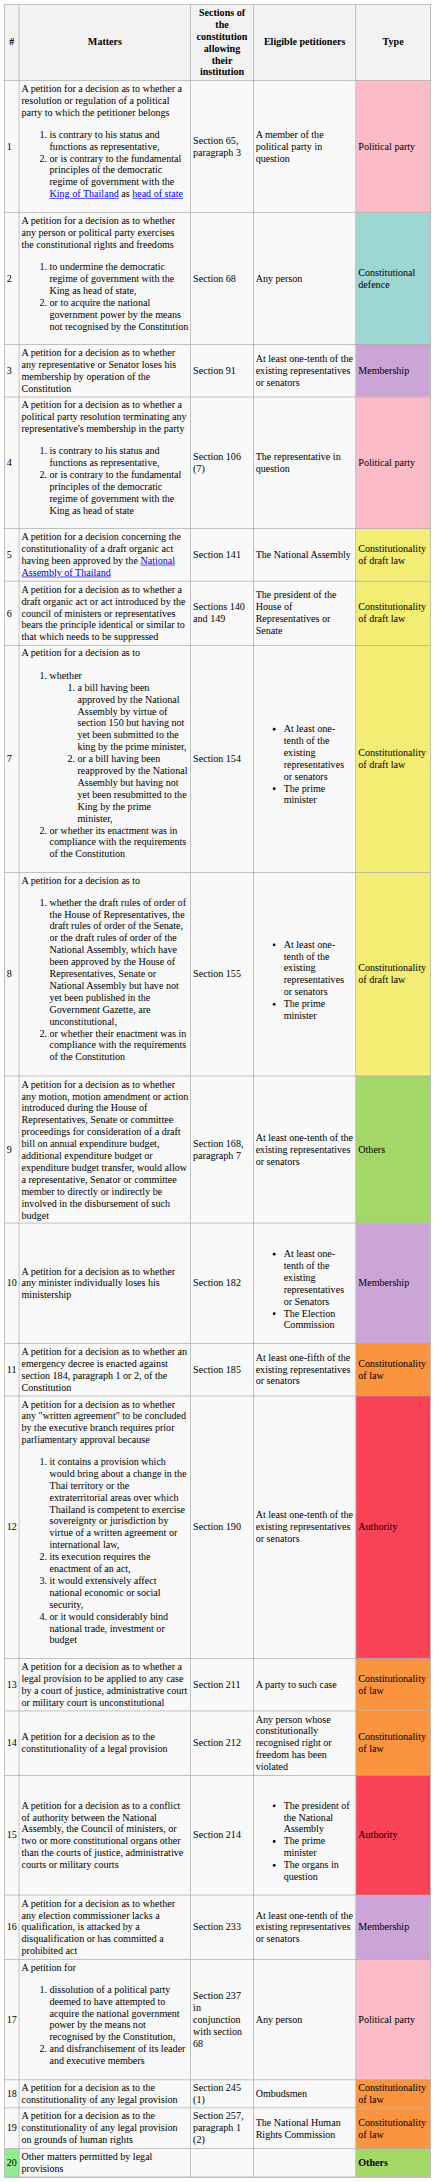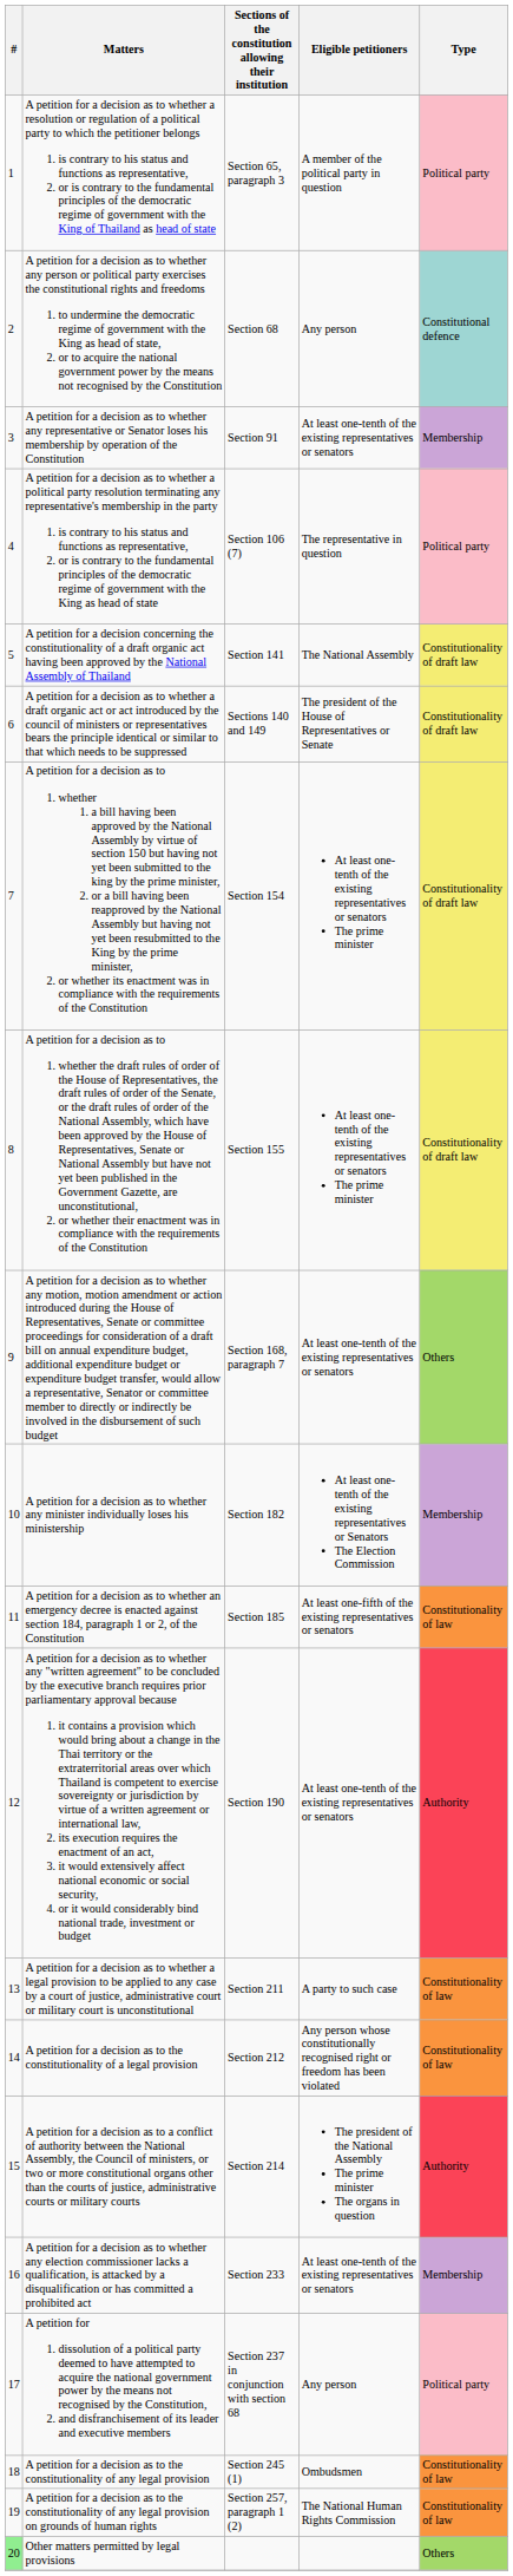 <table class="wikitable sortable" style="text-align:left; font-size:90%">
 <tr>
 <th>#</th>
 <th>Matters</th>
 <th>Sections of the constitution allowing their institution</th>
 <th>Eligible petitioners</th>
 <th>Type</th>
 </tr>
 <tr>
 <td>1</td>
 <td>A petition for a decision as to whether a resolution or regulation of a political party to which the petitioner belongs<br><ol><li>is contrary to his status and functions as representative,</li><li>or is contrary to the fundamental principles of the democratic regime of government with the <a href='#'>King of Thailand</a> as <a href='#'>head of state</a></li></ol></td>
 <td>Section 65, paragraph 3</td>
 <td>A member of the political party in question</td>
 <td style="background-color:#fbbcc8">Political party</td>
 </tr>
 <tr>
 <td>2</td>
 <td>A petition for a decision as to whether any person or political party exercises the constitutional rights and freedoms<br><ol><li>to undermine the democratic regime of government with the King as head of state,</li><li>or to acquire the national government power by the means not recognised by the Constitution</li></ol></td>
 <td>Section 68</td>
 <td>Any person</td>
 <td style="background-color:#9ed6d3">Constitutional defence</td>
 </tr>
 <tr>
 <td>3</td>
 <td>A petition for a decision as to whether any representative or Senator loses his membership by operation of the Constitution</td>
 <td>Section 91</td>
 <td>At least one-tenth of the existing representatives or senators</td>
 <td style="background-color:#cba5d7">Membership</td>
 </tr>
 <tr>
 <td>4</td>
 <td>A petition for a decision as to whether a political party resolution terminating any representative's membership in the party<br><ol><li>is contrary to his status and functions as representative,</li><li>or is contrary to the fundamental principles of the democratic regime of government with the King as head of state</li></ol></td>
 <td>Section 106 (7)</td>
 <td>The representative in question</td>
 <td style="background-color:#fbbcc8">Political party</td>
 </tr>
 <tr>
 <td>5</td>
 <td>A petition for a decision concerning the constitutionality of a draft organic act having been approved by the <a href='#'>National Assembly of Thailand</a></td>
 <td>Section 141</td>
 <td>The National Assembly</td>
 <td style="background-color:#f4ed73">Constitutionality of draft law</td>
 </tr>
 <tr>
 <td>6</td>
 <td>A petition for a decision as to whether a draft organic act or act introduced by the council of ministers or representatives bears the principle identical or similar to that which needs to be suppressed</td>
 <td>Sections 140 and 149</td>
 <td>The president of the House of Representatives or Senate</td>
 <td style="background-color:#f4ed73">Constitutionality of draft law</td>
 </tr>
 <tr>
 <td>7</td>
 <td>A petition for a decision as to<br><ol><li>whether<ol><li>a bill having been approved by the National Assembly by virtue of section 150 but having not yet been submitted to the king by the prime minister,</li><li>or a bill having been reapproved by the National Assembly but having not yet been resubmitted to the King by the prime minister,</li></ol></li><li>or whether its enactment was in compliance with the requirements of the Constitution</li></ol></td>
 <td>Section 154</td>
 <td><br><ul><li>At least one-tenth of the existing representatives or senators</li><li>The prime minister</li></ul></td>
 <td style="background-color:#f4ed73">Constitutionality of draft law</td>
 </tr>
 <tr>
 <td>8</td>
 <td>A petition for a decision as to<br><ol><li>whether the draft rules of order of the House of Representatives, the draft rules of order of the Senate, or the draft rules of order of the National Assembly, which have been approved by the House of Representatives, Senate or National Assembly but have not yet been published in the Government Gazette, are unconstitutional,</li><li>or whether their enactment was in compliance with the requirements of the Constitution</li></ol></td>
 <td>Section 155</td>
 <td><br><ul><li>At least one-tenth of the existing representatives or senators</li><li>The prime minister</li></ul></td>
 <td style="background-color:#f4ed73">Constitutionality of draft law</td>
 </tr>
 <tr>
 <td>9</td>
 <td>A petition for a decision as to whether any motion, motion amendment or action introduced during the House of Representatives, Senate or committee proceedings for consideration of a draft bill on annual expenditure budget, additional expenditure budget or expenditure budget transfer, would allow a representative, Senator or committee member to directly or indirectly be involved in the disbursement of such budget</td>
 <td>Section 168, paragraph 7</td>
 <td>At least one-tenth of the existing representatives or senators</td>
 <td style="background-color:#a3d869">Others</td>
 </tr>
 <tr>
 <td>10</td>
 <td>A petition for a decision as to whether any minister individually loses his ministership</td>
 <td>Section 182</td>
 <td><br><ul><li>At least one-tenth of the existing representatives or Senators</li><li>The Election Commission</li></ul></td>
 <td style="background-color:#cba5d7">Membership</td>
 </tr>
 <tr>
 <td>11</td>
 <td>A petition for a decision as to whether an emergency decree is enacted against section 184, paragraph 1 or 2, of the Constitution</td>
 <td>Section 185</td>
 <td>At least one-fifth of the existing representatives or senators</td>
 <td style="background-color:#fa943e">Constitutionality of law</td>
 </tr>
 <tr>
 <td>12</td>
 <td>A petition for a decision as to whether any "written agreement" to be concluded by the executive branch requires prior parliamentary approval because<br><ol><li>it contains a provision which would bring about a change in the Thai territory or the extraterritorial areas over which Thailand is competent to exercise sovereignty or jurisdiction by virtue of a written agreement or international law,</li><li>its execution requires the enactment of an act,</li><li>it would extensively affect national economic or social security,</li><li>or it would considerably bind national trade, investment or budget</li></ol></td>
 <td>Section 190</td>
 <td>At least one-tenth of the existing representatives or senators</td>
 <td style="background-color:#fb4357">Authority</td>
 </tr>
 <tr>
 <td>13</td>
 <td>A petition for a decision as to whether a legal provision to be applied to any case by a court of justice, administrative court or military court is unconstitutional</td>
 <td>Section 211</td>
 <td>A party to such case</td>
 <td style="background-color:#fa943e">Constitutionality of law</td>
 </tr>
 <tr>
 <td>14</td>
 <td>A petition for a decision as to the constitutionality of a legal provision</td>
 <td>Section 212</td>
 <td>Any person whose constitutionally recognised right or freedom has been violated</td>
 <td style="background-color:#fa943e">Constitutionality of law</td>
 </tr>
 <tr>
 <td>15</td>
 <td>A petition for a decision as to a conflict of authority between the National Assembly, the Council of ministers, or two or more constitutional organs other than the courts of justice, administrative courts or military courts</td>
 <td>Section 214</td>
 <td><br><ul><li>The president of the National Assembly</li><li>The prime minister</li><li>The organs in question</li></ul></td>
 <td style="background-color:#fb4357">Authority</td>
 </tr>
 <tr>
 <td>16</td>
 <td>A petition for a decision as to whether any election commissioner lacks a qualification, is attacked by a disqualification or has committed a prohibited act</td>
 <td>Section 233</td>
 <td>At least one-tenth of the existing representatives or senators</td>
 <td style="background-color:#cba5d7">Membership</td>
 </tr>
 <tr>
 <td>17</td>
 <td>A petition for<br><ol><li>dissolution of a political party deemed to have attempted to acquire the national government power by the means not recognised by the Constitution,</li><li>and disfranchisement of its leader and executive members</li></ol></td>
 <td>Section 237 in conjunction with section 68</td>
 <td>Any person</td>
 <td style="background-color:#fbbcc8">Political party</td>
 </tr>
 <tr>
 <td>18</td>
 <td>A petition for a decision as to the constitutionality of any legal provision</td>
 <td>Section 245 (1)</td>
 <td>Ombudsmen</td>
 <td style="background-color:#fa943e">Constitutionality of law</td>
 </tr>
 <tr>
 <td>19</td>
 <td>A petition for a decision as to the constitutionality of any legal provision on grounds of human rights</td>
 <td>Section 257, paragraph 1 (2)</td>
 <td>The National Human Rights Commission</td>
 <td style="background-color:#fa943e">Constitutionality of law</td>
 </tr>
 <tr>
 <td style="background: lightgreen;">20</td>
 <td>Other matters permitted by legal provisions</td>
 <td></td>
 <td></td>
-<td style="background-color:#a3d869"><strong>Others</strong></td>
+<td style="background-color:#a3d869">Others</td>
 </tr>
 <tr>
 </tr>
 </table>
